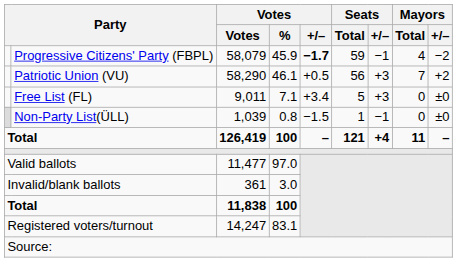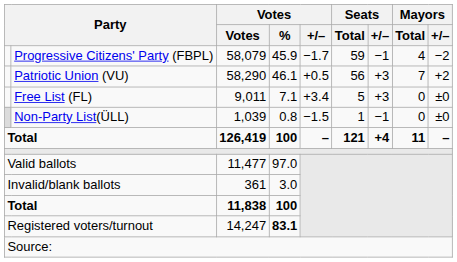 <table class=wikitable style=text-align:right>
 <tr>
 <th colspan=2 rowspan=2 width ='250px'>Party</th>
 <th colspan=3>Votes</th>
 <th colspan=2>Seats</th>
 <th colspan=2>Mayors</th>
 </tr>
 <tr>
 <th>Votes</th>
 <th>%</th>
 <th>+/–</th>
 <th>Total</th>
 <th>+/–</th>
 <th>Total</th>
 <th>+/–</th>
 </tr>
 <tr>
 <td width="1"></td>
 <td align=left><a href='#'>Progressive Citizens' Party</a> (FBPL)</td>
 <td>58,079</td>
 <td>45.9</td>
-<td><strong>−1.7</strong></td>
+<td>−1.7</td>
 <td>59</td>
 <td>−1</td>
 <td>4</td>
 <td>−2</td>
 </tr>
 <tr>
 <td width="1"></td>
 <td align=left><a href='#'>Patriotic Union</a> (VU)</td>
 <td>58,290</td>
 <td>46.1</td>
 <td>+0.5</td>
 <td>56</td>
 <td>+3</td>
 <td>7</td>
 <td>+2</td>
 </tr>
 <tr>
 <td width="1"></td>
 <td align=left><a href='#'>Free List</a> (FL)</td>
 <td>9,011</td>
 <td>7.1</td>
 <td>+3.4</td>
 <td>5</td>
 <td>+3</td>
 <td>0</td>
 <td>±0</td>
 </tr>
 <tr>
 <td width="1" bgcolor="gainsboro"></td>
 <td align=left><a href='#'>Non-Party List</a>(ÜLL)</td>
 <td>1,039</td>
 <td>0.8</td>
 <td>−1.5</td>
 <td>1</td>
 <td>−1</td>
 <td>0</td>
 <td>±0</td>
 </tr>
 <tr>
 <td colspan=2 align=left><strong>Total</strong></td>
 <td><strong>126,419</strong></td>
 <td><strong>100</strong></td>
 <td><strong>–</strong></td>
 <td><strong>121</strong></td>
 <td><strong>+4</strong></td>
 <td><strong>11</strong></td>
 <td><strong>–</strong></td>
 </tr>
 <tr>
 <td colspan=9 style="color:inherit;background:#E9E9E9"></td>
 </tr>
 <tr>
 <td colspan=2 align=left>Valid ballots</td>
 <td>11,477</td>
 <td>97.0</td>
 <td colspan=5 rowspan=4 bgcolor=#E9E9E9></td>
 </tr>
 <tr>
 <td colspan=2 align=left>Invalid/blank ballots</td>
 <td>361</td>
 <td>3.0</td>
 </tr>
 <tr>
 <td colspan=2 align=left><strong>Total</strong></td>
 <td><strong>11,838</strong></td>
 <td><strong>100</strong></td>
 </tr>
 <tr>
 <td colspan=2 align=left>Registered voters/turnout</td>
 <td>14,247</td>
-<td>83.1</td>
+<td><strong>83.1</strong></td>
 </tr>
 <tr>
 <td align=left colspan=9>Source: </td>
 </tr>
 </table>
